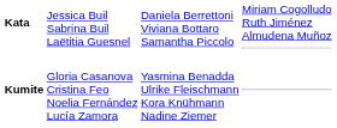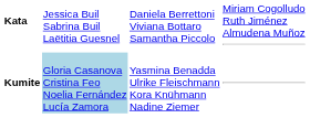 <table>
 <tr>
 <td><strong>Kata</strong></td>
 <td><br><a href='#'>Jessica Buil</a><br><a href='#'>Sabrina Buil</a><br><a href='#'>Laëtitia Guesnel</a></td>
 <td><br><a href='#'>Daniela Berrettoni</a><br><a href='#'>Viviana Bottaro</a><br><a href='#'>Samantha Piccolo</a></td>
 <td><br><a href='#'>Miriam Cogolludo</a><br><a href='#'>Ruth Jiménez</a><br><a href='#'>Almudena Muñoz</a><hr></td>
 </tr>
 <tr>
 <td><strong>Kumite</strong></td>
-<td><br><a href='#'>Gloria Casanova</a><br><a href='#'>Cristina Feo</a><br><a href='#'>Noelia Fernández</a><br><a href='#'>Lucía Zamora</a></td>
+<td style="background: lightblue;"><br><a href='#'>Gloria Casanova</a><br><a href='#'>Cristina Feo</a><br><a href='#'>Noelia Fernández</a><br><a href='#'>Lucía Zamora</a></td>
 <td><br><a href='#'>Yasmina Benadda</a><br><a href='#'>Ulrike Fleischmann</a><br><a href='#'>Kora Knühmann</a><br><a href='#'>Nadine Ziemer</a></td>
 <td><hr></td>
 </tr>
 </table>
